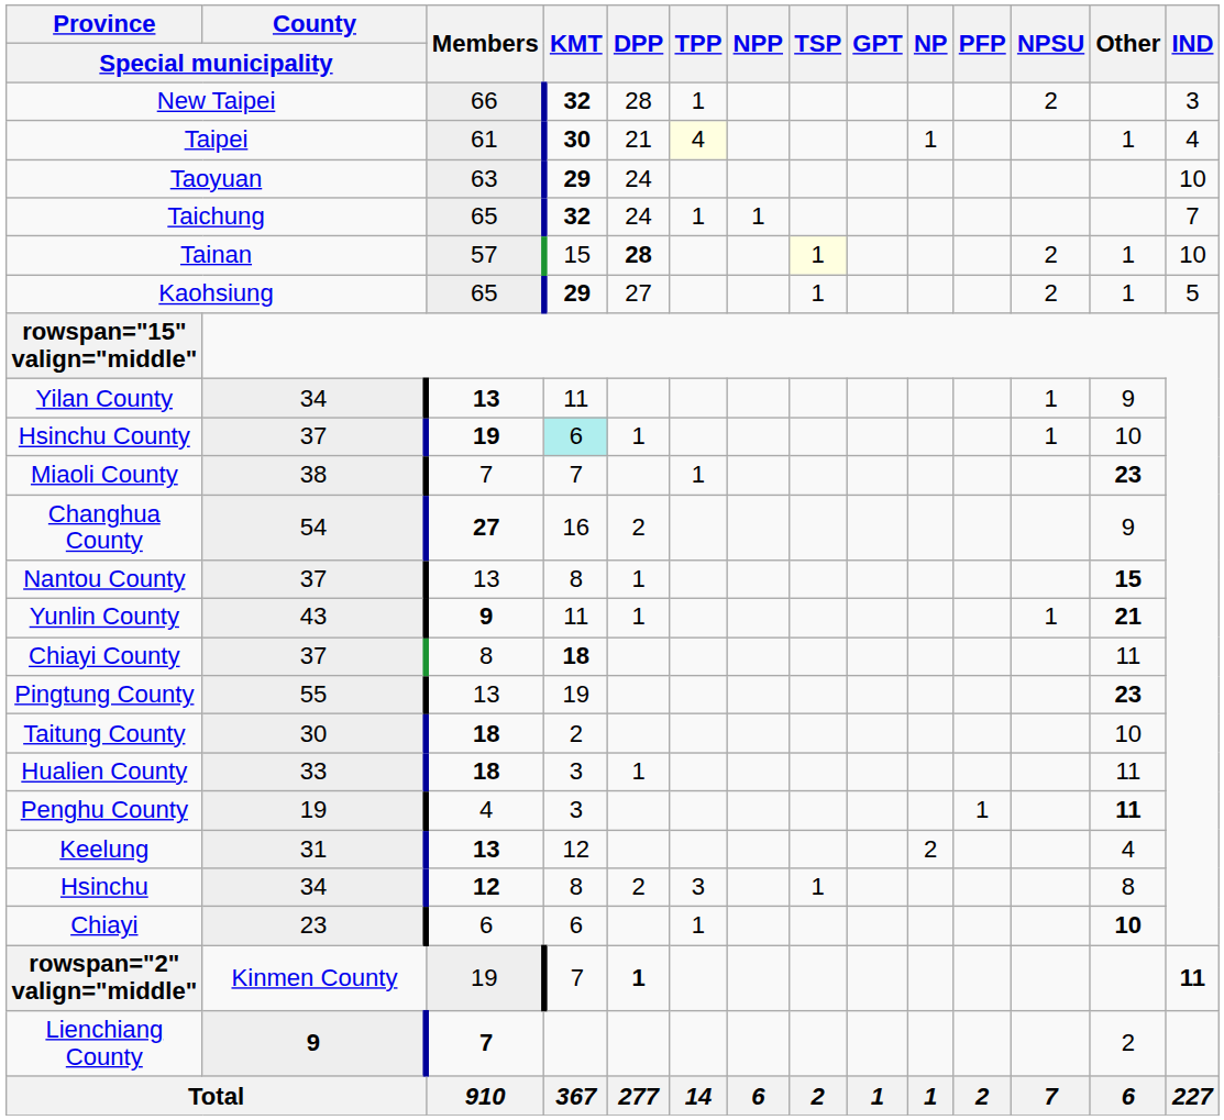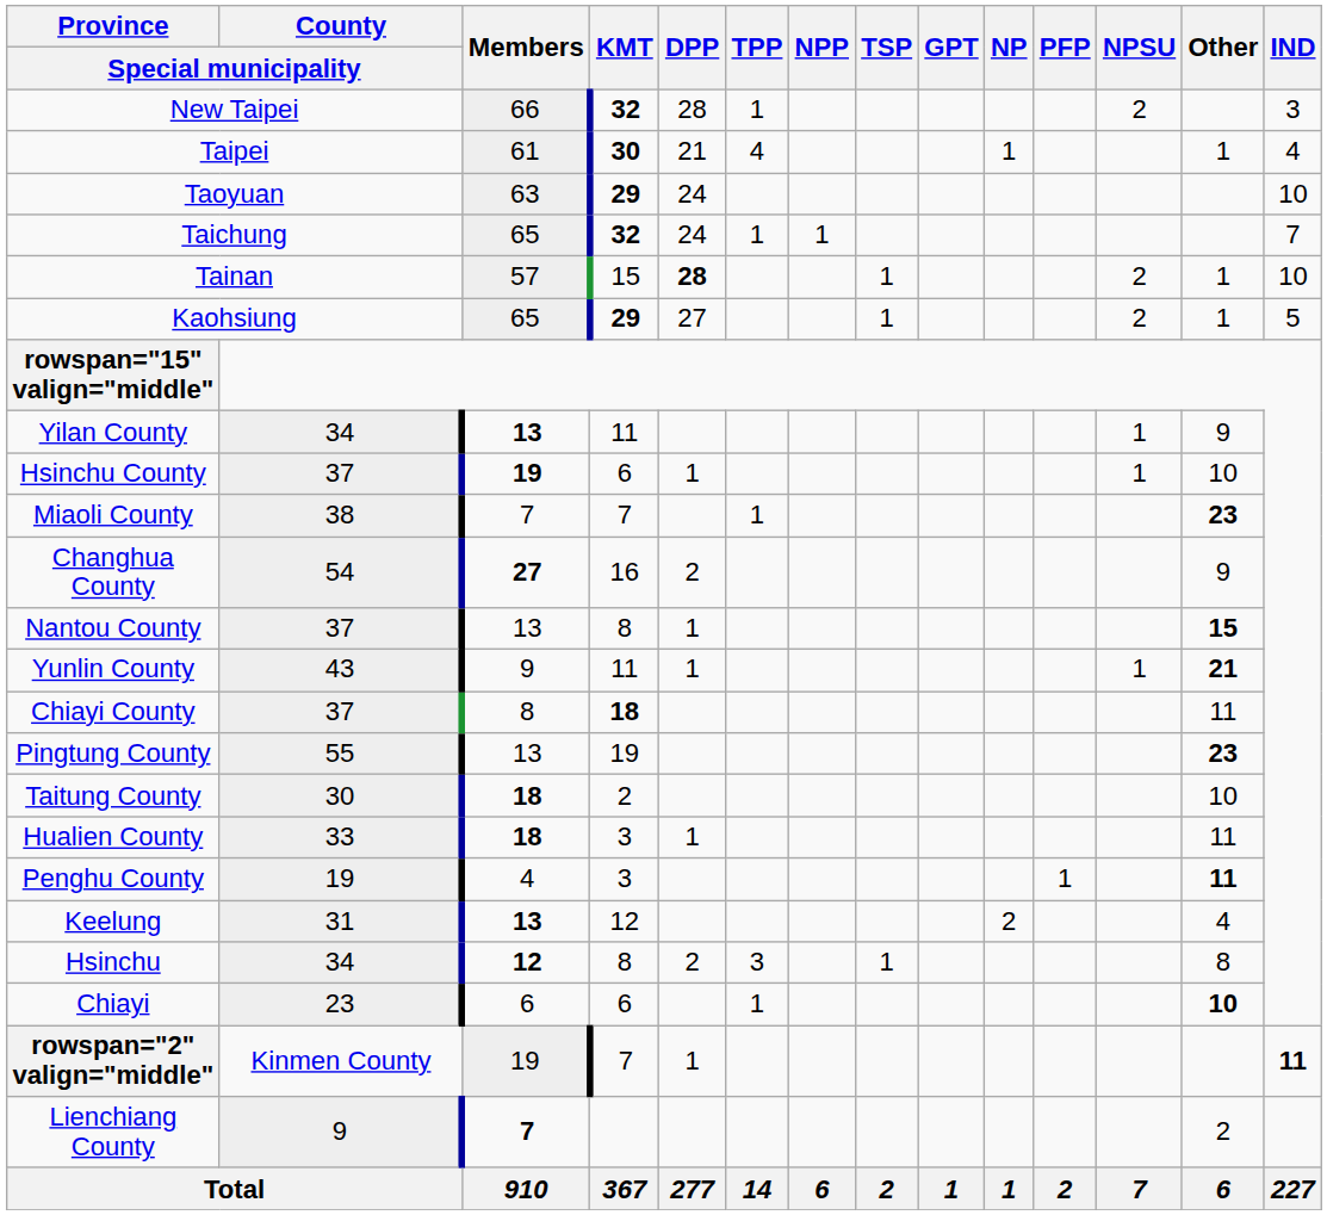 <table class="wikitable collapsible" style="text-align:center; margin:auto">
 <tr>
 <th style="width:60px;"><a href='#'>Province</a></th>
 <th style="width:140px;"><a href='#'>County</a></th>
 <th rowspan=2 style="width:50px;">Members</th>
 <th rowspan="2"><a href='#'>KMT</a></th>
 <th rowspan="2"><a href='#'>DPP</a></th>
 <th rowspan="2"><a href='#'>TPP</a></th>
 <th rowspan="2"><a href='#'>NPP</a></th>
 <th rowspan="2"><a href='#'>TSP</a></th>
 <th rowspan="2"><a href='#'>GPT</a></th>
 <th rowspan="2"><a href='#'>NP</a></th>
 <th rowspan="2"><a href='#'>PFP</a></th>
 <th rowspan="2"><a href='#'>NPSU</a></th>
 <th rowspan="2">Other</th>
 <th rowspan="2"><a href='#'>IND</a></th>
 </tr>
 <tr>
 <th colspan=2><a href='#'>Special municipality</a></th>
 </tr>
 <tr>
 <td colspan="2"><a href='#'>New Taipei</a></td>
 <td bgcolor=#EEEEEE style="border-right:4px solid #000099;">66</td>
 <td><strong>32</strong></td>
 <td>28</td>
 <td>1</td>
 <td></td>
 <td></td>
 <td></td>
 <td></td>
 <td></td>
 <td>2</td>
 <td></td>
 <td>3</td>
 </tr>
 <tr>
 <td colspan="2"><a href='#'>Taipei</a></td>
 <td bgcolor=#EEEEEE style="border-right:4px solid #000099;">61</td>
 <td><strong>30</strong></td>
 <td>21</td>
-<td style="background: lightyellow;">4</td>
+<td>4</td>
 <td></td>
 <td></td>
 <td></td>
 <td>1</td>
 <td></td>
 <td></td>
 <td>1</td>
 <td>4</td>
 </tr>
 <tr>
 <td colspan="2"><a href='#'>Taoyuan</a></td>
 <td bgcolor=#EEEEEE style="border-right:4px solid #000099;">63</td>
 <td><strong>29</strong></td>
 <td>24</td>
 <td></td>
 <td></td>
 <td></td>
 <td></td>
 <td></td>
 <td></td>
 <td></td>
 <td></td>
 <td>10</td>
 </tr>
 <tr>
 <td colspan="2"><a href='#'>Taichung</a></td>
 <td bgcolor=#EEEEEE style="border-right:4px solid #000099;">65</td>
 <td><strong>32</strong></td>
 <td>24</td>
 <td>1</td>
 <td>1</td>
 <td></td>
 <td></td>
 <td></td>
 <td></td>
 <td></td>
 <td></td>
 <td>7</td>
 </tr>
 <tr>
 <td colspan="2"><a href='#'>Tainan</a></td>
 <td bgcolor=#EEEEEE style="border-right:4px solid #1B9431;">57</td>
 <td>15</td>
 <td><strong>28</strong></td>
 <td></td>
 <td></td>
-<td style="background: lightyellow;">1</td>
+<td>1</td>
 <td></td>
 <td></td>
 <td></td>
 <td>2</td>
 <td>1</td>
 <td>10</td>
 </tr>
 <tr>
 <td colspan="2"><a href='#'>Kaohsiung</a></td>
 <td bgcolor=#EEEEEE style="border-right:4px solid #000099;">65</td>
 <td><strong>29</strong></td>
 <td>27</td>
 <td></td>
 <td></td>
 <td>1</td>
 <td></td>
 <td></td>
 <td></td>
 <td>2</td>
 <td>1</td>
 <td>5</td>
 </tr>
 <tr>
 <th>rowspan="15" valign="middle" </th>
 </tr>
 <tr>
 <td><a href='#'>Yilan County</a></td>
 <td bgcolor=#EEEEEE style="border-right:4px solid #000000;">34</td>
 <td><strong>13</strong></td>
 <td>11</td>
 <td></td>
 <td></td>
 <td></td>
 <td></td>
 <td></td>
 <td></td>
 <td></td>
 <td>1</td>
 <td>9</td>
 </tr>
 <tr>
 <td><a href='#'>Hsinchu County</a></td>
 <td bgcolor=#EEEEEE style="border-right:4px solid #000099;">37</td>
 <td><strong>19</strong></td>
-<td style="background: paleturquoise;">6</td>
+<td>6</td>
 <td>1</td>
 <td></td>
 <td></td>
 <td></td>
 <td></td>
 <td></td>
 <td></td>
 <td>1</td>
 <td>10</td>
 </tr>
 <tr>
 <td><a href='#'>Miaoli County</a></td>
 <td bgcolor=#EEEEEE style="border-right:4px solid #000000;">38</td>
 <td>7</td>
 <td>7</td>
 <td></td>
 <td>1</td>
 <td></td>
 <td></td>
 <td></td>
 <td></td>
 <td></td>
 <td></td>
 <td><strong>23</strong></td>
 </tr>
 <tr>
 <td><a href='#'>Changhua County</a></td>
 <td bgcolor=#EEEEEE style="border-right:4px solid #000099;">54</td>
 <td><strong>27</strong></td>
 <td>16</td>
 <td>2</td>
 <td></td>
 <td></td>
 <td></td>
 <td></td>
 <td></td>
 <td></td>
 <td></td>
 <td>9</td>
 </tr>
 <tr>
 <td><a href='#'>Nantou County</a></td>
 <td bgcolor=#EEEEEE style="border-right:4px solid #000000;">37</td>
 <td>13</td>
 <td>8</td>
 <td>1</td>
 <td></td>
 <td></td>
 <td></td>
 <td></td>
 <td></td>
 <td></td>
 <td></td>
 <td><strong>15</strong></td>
 </tr>
 <tr>
 <td><a href='#'>Yunlin County</a></td>
 <td bgcolor=#EEEEEE style="border-right:4px solid #000000;">43</td>
-<td><strong>9</strong></td>
+<td>9</td>
 <td>11</td>
 <td>1</td>
 <td></td>
 <td></td>
 <td></td>
 <td></td>
 <td></td>
 <td></td>
 <td>1</td>
 <td><strong>21</strong></td>
 </tr>
 <tr>
 <td><a href='#'>Chiayi County</a></td>
 <td bgcolor=#EEEEEE style="border-right:4px solid #1B9431;">37</td>
 <td>8</td>
 <td><strong>18</strong></td>
 <td></td>
 <td></td>
 <td></td>
 <td></td>
 <td></td>
 <td></td>
 <td></td>
 <td></td>
 <td>11</td>
 </tr>
 <tr>
 <td><a href='#'>Pingtung County</a></td>
 <td bgcolor=#EEEEEE style="border-right:4px solid #000000;">55</td>
 <td>13</td>
 <td>19</td>
 <td></td>
 <td></td>
 <td></td>
 <td></td>
 <td></td>
 <td></td>
 <td></td>
 <td></td>
 <td><strong>23</strong></td>
 </tr>
 <tr>
 <td><a href='#'>Taitung County</a></td>
 <td bgcolor=#EEEEEE style="border-right:4px solid #000099;">30</td>
 <td><strong>18</strong></td>
 <td>2</td>
 <td></td>
 <td></td>
 <td></td>
 <td></td>
 <td></td>
 <td></td>
 <td></td>
 <td></td>
 <td>10</td>
 </tr>
 <tr>
 <td><a href='#'>Hualien County</a></td>
 <td bgcolor=#EEEEEE style="border-right:4px solid #000099;">33</td>
 <td><strong>18</strong></td>
 <td>3</td>
 <td>1</td>
 <td></td>
 <td></td>
 <td></td>
 <td></td>
 <td></td>
 <td></td>
 <td></td>
 <td>11</td>
 </tr>
 <tr>
 <td><a href='#'>Penghu County</a></td>
 <td bgcolor=#EEEEEE style="border-right:4px solid #000000;">19</td>
 <td>4</td>
 <td>3</td>
 <td></td>
 <td></td>
 <td></td>
 <td></td>
 <td></td>
 <td></td>
 <td>1</td>
 <td></td>
 <td><strong>11</strong></td>
 </tr>
 <tr>
 <td><a href='#'>Keelung</a></td>
 <td bgcolor=#EEEEEE style="border-right:4px solid #000099;">31</td>
 <td><strong>13</strong></td>
 <td>12</td>
 <td></td>
 <td></td>
 <td></td>
 <td></td>
 <td></td>
 <td>2</td>
 <td></td>
 <td></td>
 <td>4</td>
 </tr>
 <tr>
 <td><a href='#'>Hsinchu</a></td>
 <td bgcolor=#EEEEEE style="border-right:4px solid #000099;">34</td>
 <td><strong>12</strong></td>
 <td>8</td>
 <td>2</td>
 <td>3</td>
 <td></td>
 <td>1</td>
 <td></td>
 <td></td>
 <td></td>
 <td></td>
 <td>8</td>
 </tr>
 <tr>
 <td><a href='#'>Chiayi</a></td>
 <td bgcolor=#EEEEEE style="border-right:4px solid #000000;">23</td>
 <td>6</td>
 <td>6</td>
 <td></td>
 <td>1</td>
 <td></td>
 <td></td>
 <td></td>
 <td></td>
 <td></td>
 <td></td>
 <td><strong>10</strong></td>
 </tr>
 <tr>
 <th>rowspan="2" valign="middle" </th>
 <td><a href='#'>Kinmen County</a></td>
 <td bgcolor=#EEEEEE style="border-right:4px solid #000000;">19</td>
 <td>7</td>
-<td><strong>1</strong></td>
+<td>1</td>
 <td></td>
 <td></td>
 <td></td>
 <td></td>
 <td></td>
 <td></td>
 <td></td>
 <td></td>
 <td><strong>11</strong></td>
 </tr>
 <tr>
 <td><a href='#'>Lienchiang County</a></td>
-<td bgcolor=#EEEEEE style="border-right:4px solid #000099;"><strong>9</strong></td>
+<td bgcolor=#EEEEEE style="border-right:4px solid #000099;">9</td>
 <td><strong>7</strong></td>
 <td></td>
 <td></td>
 <td></td>
 <td></td>
 <td></td>
 <td></td>
 <td></td>
 <td></td>
 <td></td>
 <td>2</td>
 </tr>
 <tr>
 <th colspan=2>Total</th>
 <th><em>910</em></th>
 <th><em>367</em></th>
 <th><em>277</em></th>
 <th><em>14</em></th>
 <th><em>6</em></th>
 <th><em>2</em></th>
 <th><em>1</em></th>
 <th><em>1</em></th>
 <th><em>2</em></th>
 <th><em>7</em></th>
 <th><em>6</em></th>
 <th><em>227</em></th>
 </tr>
 </table>
